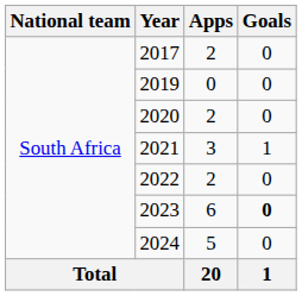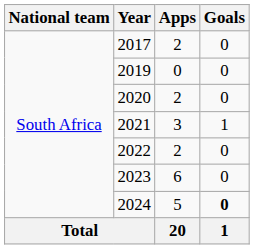 <table class=wikitable style=text-align:center>
 <tr>
 <th>National team</th>
 <th>Year</th>
 <th>Apps</th>
 <th>Goals</th>
 </tr>
 <tr>
 <td rowspan="7"><a href='#'>South Africa</a></td>
 <td>2017</td>
 <td>2</td>
 <td>0</td>
 </tr>
 <tr>
 <td>2019</td>
 <td>0</td>
 <td>0</td>
 </tr>
 <tr>
 <td>2020</td>
 <td>2</td>
 <td>0</td>
 </tr>
 <tr>
 <td>2021</td>
 <td>3</td>
 <td>1</td>
 </tr>
 <tr>
 <td>2022</td>
 <td>2</td>
 <td>0</td>
 </tr>
 <tr>
 <td>2023</td>
 <td>6</td>
-<td><strong>0</strong></td>
+<td>0</td>
 </tr>
 <tr>
 <td>2024</td>
 <td>5</td>
-<td>0</td>
+<td><strong>0</strong></td>
 </tr>
 <tr>
 <th colspan=2>Total</th>
 <th>20</th>
 <th>1</th>
 </tr>
 </table>
